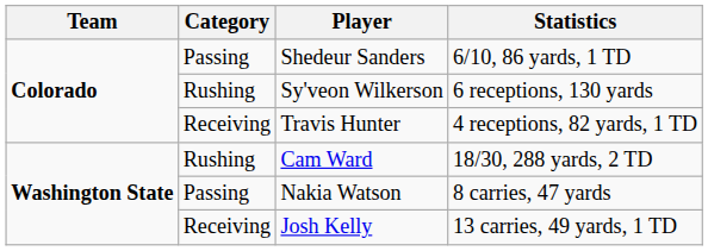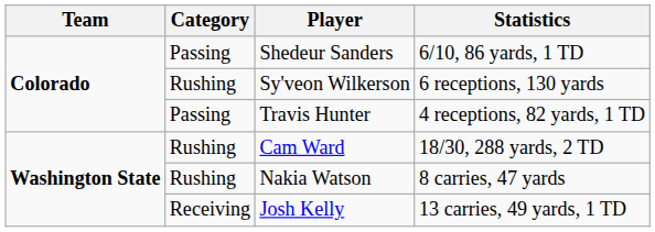 <table class="wikitable" style="float: right;">
 <tr>
 <th>Team</th>
 <th>Category</th>
 <th>Player</th>
 <th>Statistics</th>
 </tr>
 <tr>
 <td rowspan=3><strong>Colorado</strong></td>
 <td>Passing</td>
 <td>Shedeur Sanders</td>
 <td>6/10, 86 yards, 1 TD</td>
 </tr>
 <tr>
 <td>Rushing</td>
 <td>Sy'veon Wilkerson</td>
 <td>6 receptions, 130 yards</td>
 </tr>
 <tr>
-<td>Receiving</td>
+<td>Passing</td>
 <td>Travis Hunter</td>
 <td>4 receptions, 82 yards, 1 TD</td>
 </tr>
 <tr>
 <td rowspan=3><strong>Washington State</strong></td>
 <td>Rushing</td>
 <td><a href='#'>Cam Ward</a></td>
 <td>18/30, 288 yards, 2 TD</td>
 </tr>
 <tr>
-<td>Passing</td>
+<td>Rushing</td>
 <td>Nakia Watson</td>
 <td>8 carries, 47 yards</td>
 </tr>
 <tr>
 <td>Receiving</td>
 <td><a href='#'>Josh Kelly</a></td>
 <td>13 carries, 49 yards, 1 TD</td>
 </tr>
 </table>
